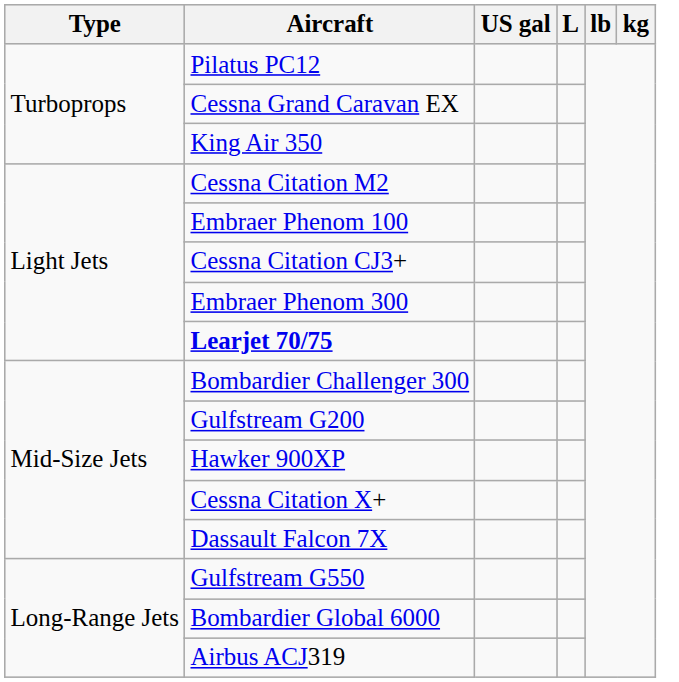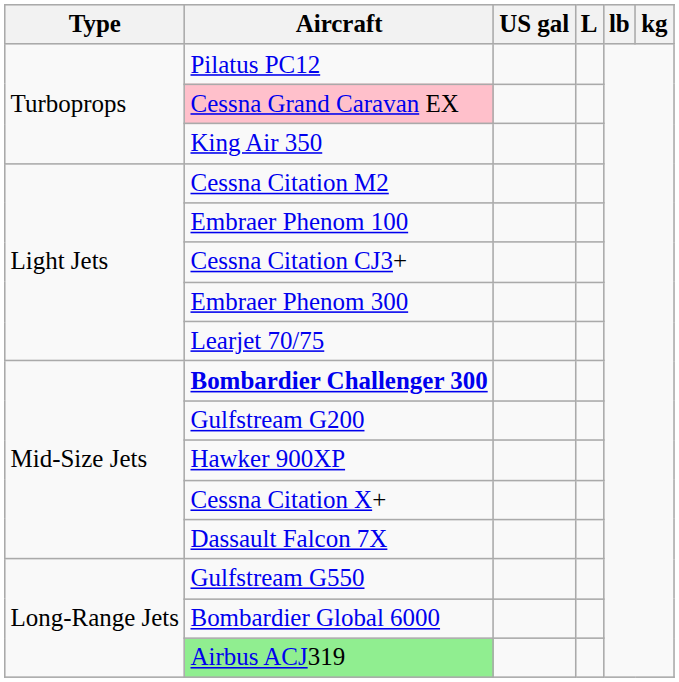 <table class="wikitable sortable">
 <tr>
 <th>Type</th>
 <th>Aircraft</th>
 <th data-sort-type="number">US gal</th>
 <th data-sort-type="number">L</th>
 <th data-sort-type="number">lb</th>
 <th data-sort-type="number">kg</th>
 </tr>
 <tr>
 <td rowspan=3>Turboprops</td>
 <td><a href='#'>Pilatus PC12</a></td>
 <td></td>
 <td></td>
 </tr>
 <tr>
-<td><a href='#'>Cessna Grand Caravan</a> EX</td>
+<td style="background: pink;"><a href='#'>Cessna Grand Caravan</a> EX</td>
 <td></td>
 <td></td>
 </tr>
 <tr>
 <td><a href='#'>King Air 350</a></td>
 <td></td>
 <td></td>
 </tr>
 <tr>
 <td rowspan=5>Light Jets</td>
 <td><a href='#'>Cessna Citation M2</a></td>
 <td></td>
 <td></td>
 </tr>
 <tr>
 <td><a href='#'>Embraer Phenom 100</a></td>
 <td></td>
 <td></td>
 </tr>
 <tr>
 <td><a href='#'>Cessna Citation CJ3</a>+</td>
 <td></td>
 <td></td>
 </tr>
 <tr>
 <td><a href='#'>Embraer Phenom 300</a></td>
 <td></td>
 <td></td>
 </tr>
 <tr>
-<td><strong><a href='#'>Learjet 70/75</a></strong></td>
+<td><a href='#'>Learjet 70/75</a></td>
 <td></td>
 <td></td>
 </tr>
 <tr>
 <td rowspan=5>Mid-Size Jets</td>
-<td><a href='#'>Bombardier Challenger 300</a></td>
+<td><strong><a href='#'>Bombardier Challenger 300</a></strong></td>
 <td></td>
 <td></td>
 </tr>
 <tr>
 <td><a href='#'>Gulfstream G200</a></td>
 <td></td>
 <td></td>
 </tr>
 <tr>
 <td><a href='#'>Hawker 900XP</a></td>
 <td></td>
 <td></td>
 </tr>
 <tr>
 <td><a href='#'>Cessna Citation X</a>+</td>
 <td></td>
 <td></td>
 </tr>
 <tr>
 <td><a href='#'>Dassault Falcon 7X</a></td>
 <td></td>
 <td></td>
 </tr>
 <tr>
 <td rowspan=3>Long-Range Jets</td>
 <td><a href='#'>Gulfstream G550</a></td>
 <td></td>
 <td></td>
 </tr>
 <tr>
 <td><a href='#'>Bombardier Global 6000</a></td>
 <td></td>
 <td></td>
 </tr>
 <tr>
-<td><a href='#'>Airbus ACJ</a>319</td>
+<td style="background: lightgreen;"><a href='#'>Airbus ACJ</a>319</td>
 <td></td>
 <td></td>
 </tr>
 </table>
